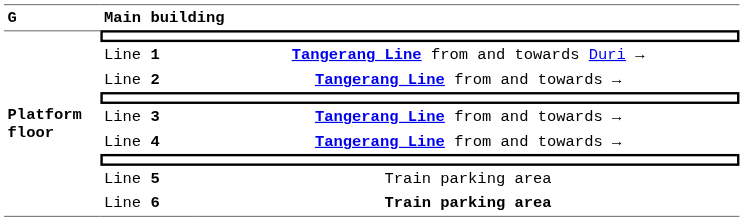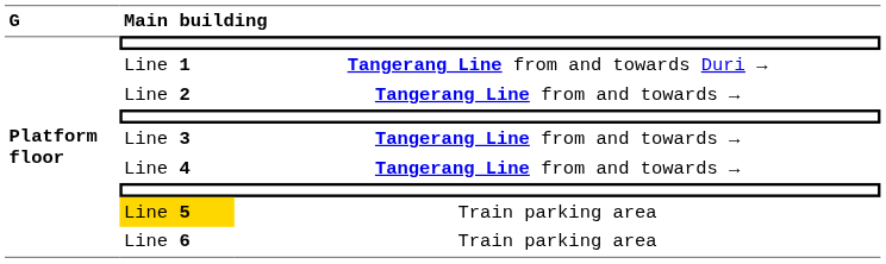 <table cellspacing="0" cellpadding="3">
 <tr>
 <td style="border-top:solid 1px gray;"><strong>G</strong></td>
 <td colspan="2" style="border-top:solid 1px gray;"><strong>Main building</strong></td>
 </tr>
 <tr>
 <td rowspan="9" style="border-top:solid 1px gray; border-bottom:solid 1px gray" width="75"><strong>Platform floor</strong></td>
 <td colspan="2" style="border-top:solid 2px black;border-right:solid 2px black;border-left:solid 2px black;border-bottom:solid 2px black;text-align:center;"></td>
 </tr>
 <tr>
 <td>Line <strong>1</strong></td>
 <td style="text-align:center"> <strong><a href='#'>Tangerang Line</a></strong> from and towards <a href='#'>Duri</a>  →</td>
 </tr>
 <tr>
 <td>Line <strong>2</strong></td>
 <td style="text-align:center"> <strong><a href='#'>Tangerang Line</a></strong> from and towards   →</td>
 </tr>
 <tr>
 <td colspan="2" style="border-top:solid 2px black;border-right:solid 2px black;border-left:solid 2px black;border-bottom:solid 2px black;text-align:center;"></td>
 </tr>
 <tr>
 <td width="50">Line <strong>3</strong></td>
 <td style="text-align:center" width="450"> <strong><a href='#'>Tangerang Line</a></strong> from and towards   →</td>
 </tr>
 <tr>
 <td>Line <strong>4</strong></td>
 <td style="text-align:center"> <strong><a href='#'>Tangerang Line</a></strong> from and towards   →</td>
 </tr>
 <tr>
 <td colspan="2" style="border-top:solid 2px black;border-right:solid 2px black;border-left:solid 2px black;border-bottom:solid 2px black;text-align:center;"></td>
 </tr>
 <tr>
-<td>Line <strong>5</strong></td>
+<td style="background: gold;">Line <strong>5</strong></td>
 <td style="text-align:center">Train parking area</td>
 </tr>
 <tr>
 <td style="border-bottom:solid 1px gray" width="75">Line <strong>6</strong></td>
-<td style="border-bottom:solid 1px gray; text-align:center"><strong>Train parking area</strong></td>
+<td style="border-bottom:solid 1px gray; text-align:center">Train parking area</td>
 </tr>
 <tr>
 </tr>
 </table>
